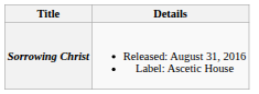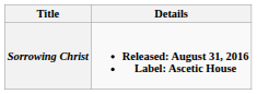 <table class="wikitable plainrowheaders" style="text-align:center;">
 <tr>
 <th scope="col">Title</th>
 <th scope="col">Details</th>
 </tr>
 <tr>
 <th scope="row"><em>Sorrowing Christ</em></th>
-<td><br><ul><li>Released: August 31, 2016</li><li>Label: Ascetic House</li></ul></td>
+<td><strong><br><ul><li>Released: August 31, 2016</li><li>Label: Ascetic House</li></ul></strong></td>
 </tr>
 </table>
